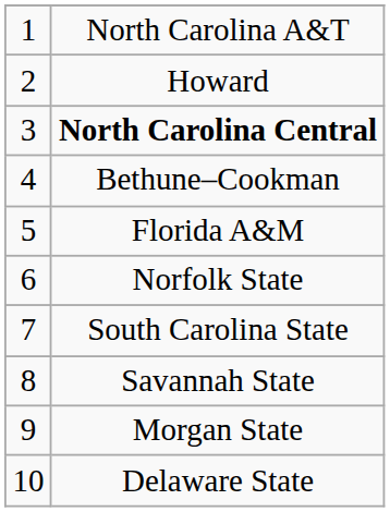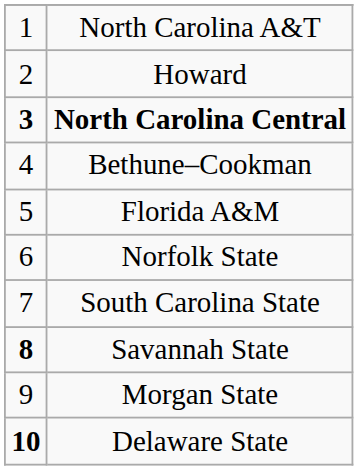 <table class="wikitable">
 <tr align="center">
 </tr>
 <tr align="center">
 <td>1</td>
 <td>North Carolina A&T</td>
 </tr>
 <tr align="center">
 <td>2</td>
 <td>Howard</td>
 </tr>
 <tr align="center">
-<td>3</td>
+<td><strong>3</strong></td>
 <td><strong>North Carolina Central</strong></td>
 </tr>
 <tr align="center">
 <td>4</td>
 <td>Bethune–Cookman</td>
 </tr>
 <tr align="center">
 <td>5</td>
 <td>Florida A&M</td>
 </tr>
 <tr align="center">
 <td>6</td>
 <td>Norfolk State</td>
 </tr>
 <tr align="center">
 <td>7</td>
 <td>South Carolina State</td>
 </tr>
 <tr align="center">
-<td>8</td>
+<td><strong>8</strong></td>
 <td>Savannah State</td>
 </tr>
 <tr align="center">
 <td>9</td>
 <td>Morgan State</td>
 </tr>
 <tr align="center">
-<td>10</td>
+<td><strong>10</strong></td>
 <td>Delaware State</td>
 </tr>
 </table>
